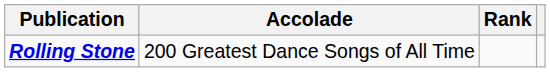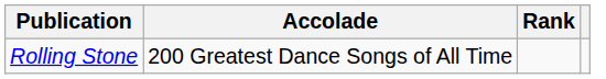 <table class="sortable wikitable">
 <tr>
 <th>Publication</th>
 <th>Accolade</th>
 <th>Rank</th>
 <th class="unsortable"></th>
 </tr>
 <tr>
-<td><strong><em><a href='#'>Rolling Stone</a></em></strong></td>
+<td><em><a href='#'>Rolling Stone</a></em></td>
 <td>200 Greatest Dance Songs of All Time</td>
 <td></td>
 <td></td>
 </tr>
 </table>
